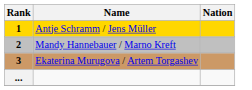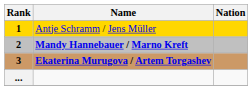 <table class="wikitable">
 <tr>
 <th>Rank</th>
 <th>Name</th>
 <th>Nation</th>
 </tr>
 <tr bgcolor="gold">
 <td align="center"><strong>1</strong></td>
 <td><a href='#'>Antje Schramm</a> / <a href='#'>Jens Müller</a></td>
 <td></td>
 </tr>
 <tr bgcolor="silver">
 <td align="center"><strong>2</strong></td>
-<td><a href='#'>Mandy Hannebauer</a> / <a href='#'>Marno Kreft</a></td>
+<td><strong><a href='#'>Mandy Hannebauer</a> / <a href='#'>Marno Kreft</a></strong></td>
 <td></td>
 </tr>
 <tr bgcolor="cc9966">
 <td align="center"><strong>3</strong></td>
-<td><a href='#'>Ekaterina Murugova</a> / <a href='#'>Artem Torgashev</a></td>
+<td><strong><a href='#'>Ekaterina Murugova</a> / <a href='#'>Artem Torgashev</a></strong></td>
 <td></td>
 </tr>
 <tr>
 <th>...</th>
 <td></td>
 <td></td>
 </tr>
 <tr>
 </tr>
 </table>
